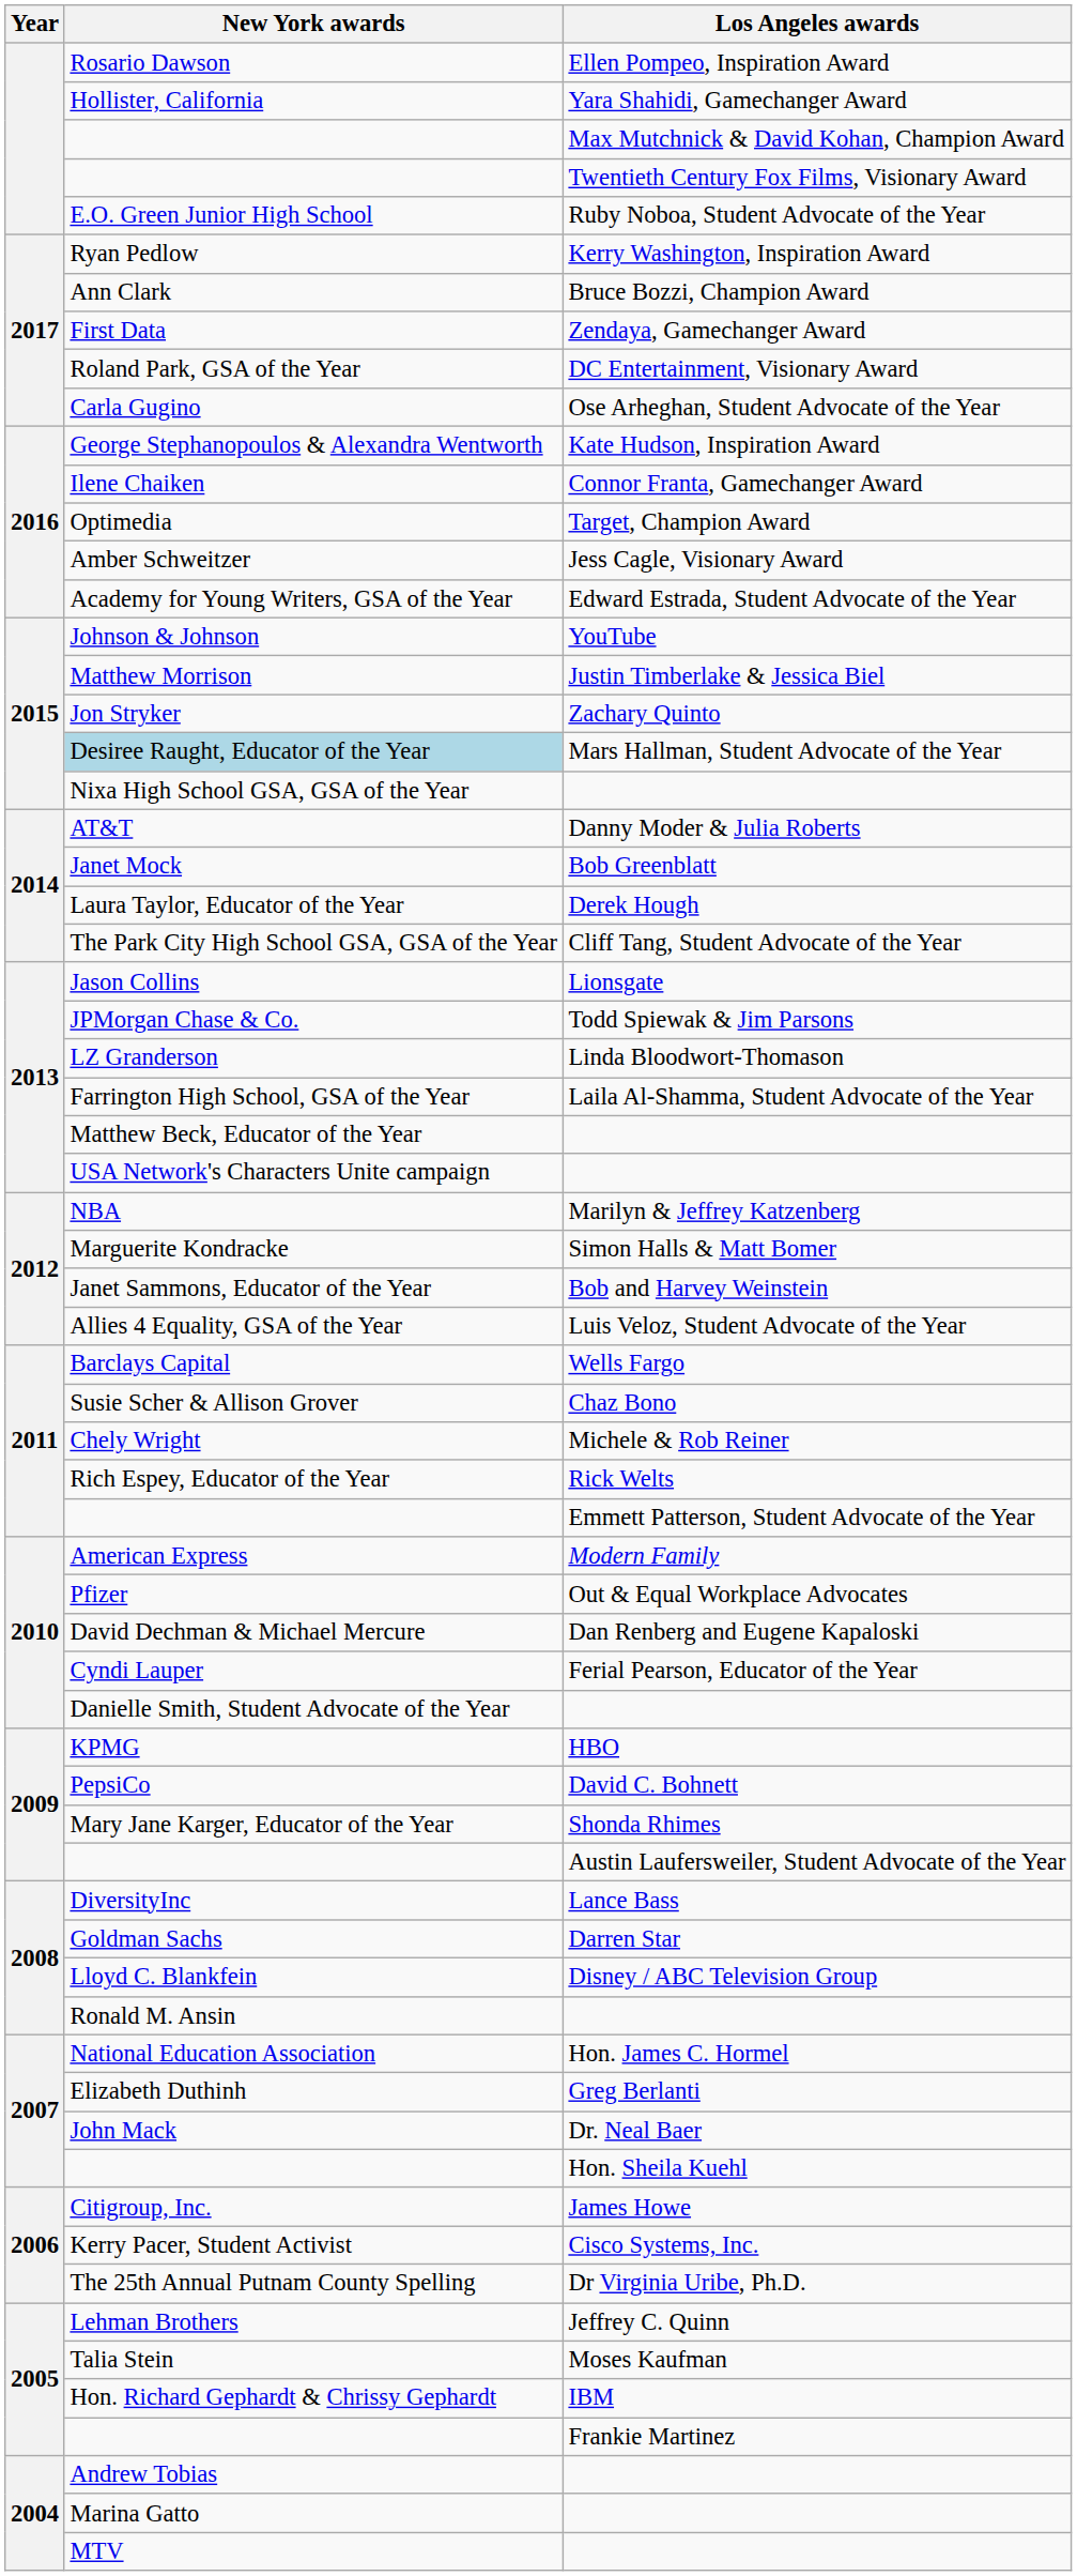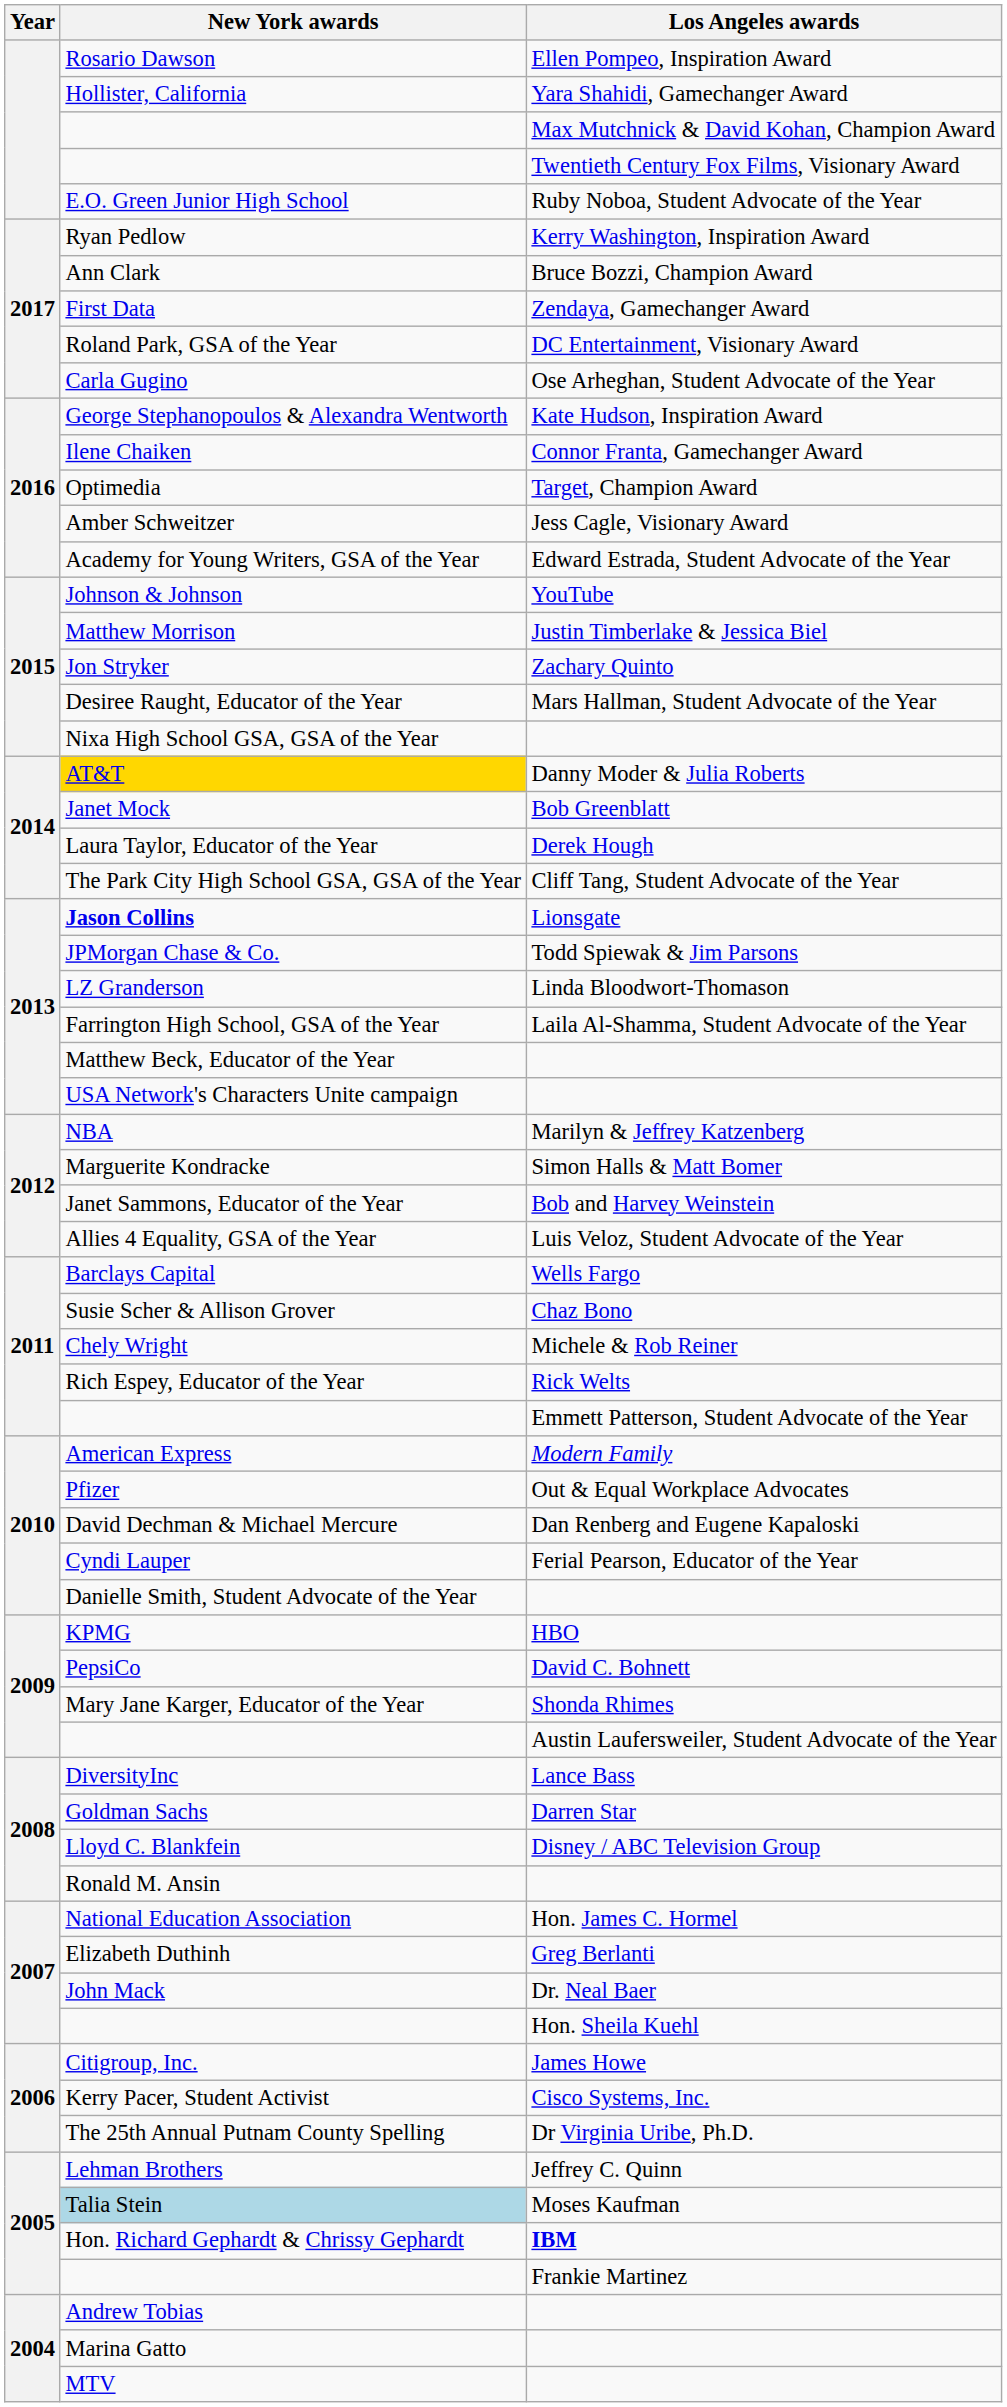 <table class="wikitable">
 <tr>
 <th scope="col">Year</th>
 <th scope="col">New York awards</th>
 <th scope="col">Los Angeles awards</th>
 </tr>
 <tr>
 <th rowspan="5" scope="row"></th>
 <td><a href='#'>Rosario Dawson</a></td>
 <td><a href='#'>Ellen Pompeo</a>, Inspiration Award</td>
 </tr>
 <tr>
 <td><a href='#'>Hollister, California</a></td>
 <td><a href='#'>Yara Shahidi</a>, Gamechanger Award</td>
 </tr>
 <tr>
 <td></td>
 <td><a href='#'>Max Mutchnick</a> & <a href='#'>David Kohan</a>, Champion Award</td>
 </tr>
 <tr>
 <td> </td>
 <td><a href='#'>Twentieth Century Fox Films</a>, Visionary Award</td>
 </tr>
 <tr>
 <td><a href='#'>E.O. Green Junior High School</a></td>
 <td>Ruby Noboa, Student Advocate of the Year</td>
 </tr>
 <tr>
 <th rowspan="5" scope="row">2017</th>
 <td>Ryan Pedlow</td>
 <td><a href='#'>Kerry Washington</a>, Inspiration Award</td>
 </tr>
 <tr>
 <td>Ann Clark</td>
 <td>Bruce Bozzi, Champion Award</td>
 </tr>
 <tr>
 <td><a href='#'>First Data</a></td>
 <td><a href='#'>Zendaya</a>, Gamechanger Award</td>
 </tr>
 <tr>
 <td>Roland Park, GSA of the Year</td>
 <td><a href='#'>DC Entertainment</a>, Visionary Award</td>
 </tr>
 <tr>
 <td><a href='#'>Carla Gugino</a></td>
 <td>Ose Arheghan, Student Advocate of the Year</td>
 </tr>
 <tr>
 <th rowspan="5" scope="row">2016</th>
 <td><a href='#'>George Stephanopoulos</a> & <a href='#'>Alexandra Wentworth</a></td>
 <td><a href='#'>Kate Hudson</a>, Inspiration Award</td>
 </tr>
 <tr>
 <td><a href='#'>Ilene Chaiken</a></td>
 <td><a href='#'>Connor Franta</a>, Gamechanger Award</td>
 </tr>
 <tr>
 <td>Optimedia</td>
 <td><a href='#'>Target</a>, Champion Award</td>
 </tr>
 <tr>
 <td>Amber Schweitzer</td>
 <td>Jess Cagle, Visionary Award</td>
 </tr>
 <tr>
 <td>Academy for Young Writers, GSA of the Year</td>
 <td>Edward Estrada, Student Advocate of the Year</td>
 </tr>
 <tr>
 <th rowspan="5" scope="row">2015</th>
 <td><a href='#'>Johnson & Johnson</a></td>
 <td><a href='#'>YouTube</a></td>
 </tr>
 <tr>
 <td><a href='#'>Matthew Morrison</a></td>
 <td><a href='#'>Justin Timberlake</a> & <a href='#'>Jessica Biel</a></td>
 </tr>
 <tr>
 <td><a href='#'>Jon Stryker</a></td>
 <td><a href='#'>Zachary Quinto</a></td>
 </tr>
 <tr>
-<td style="background: lightblue;">Desiree Raught, Educator of the Year</td>
+<td>Desiree Raught, Educator of the Year</td>
 <td>Mars Hallman, Student Advocate of the Year</td>
 </tr>
 <tr>
 <td>Nixa High School GSA, GSA of the Year</td>
 <td></td>
 </tr>
 <tr>
 <th rowspan="4" scope="row">2014</th>
-<td><a href='#'>AT&T</a></td>
+<td style="background: gold;"><a href='#'>AT&T</a></td>
 <td>Danny Moder & <a href='#'>Julia Roberts</a></td>
 </tr>
 <tr>
 <td><a href='#'>Janet Mock</a></td>
 <td><a href='#'>Bob Greenblatt</a></td>
 </tr>
 <tr>
 <td>Laura Taylor, Educator of the Year</td>
 <td><a href='#'>Derek Hough</a></td>
 </tr>
 <tr>
 <td>The Park City High School GSA, GSA of the Year</td>
 <td>Cliff Tang, Student Advocate of the Year</td>
 </tr>
 <tr>
 <th rowspan="6" scope="row">2013</th>
-<td><a href='#'>Jason Collins</a></td>
+<td><strong><a href='#'>Jason Collins</a></strong></td>
 <td><a href='#'>Lionsgate</a></td>
 </tr>
 <tr>
 <td><a href='#'>JPMorgan Chase & Co.</a></td>
 <td>Todd Spiewak & <a href='#'>Jim Parsons</a></td>
 </tr>
 <tr>
 <td><a href='#'>LZ Granderson</a></td>
 <td>Linda Bloodwort-Thomason</td>
 </tr>
 <tr>
 <td>Farrington High School, GSA of the Year</td>
 <td>Laila Al-Shamma, Student Advocate of the Year</td>
 </tr>
 <tr>
 <td>Matthew Beck, Educator of the Year</td>
 <td></td>
 </tr>
 <tr>
 <td><a href='#'>USA Network</a>'s Characters Unite campaign</td>
 <td></td>
 </tr>
 <tr>
 <th rowspan="4" scope="row">2012</th>
 <td><a href='#'>NBA</a></td>
 <td>Marilyn & <a href='#'>Jeffrey Katzenberg</a></td>
 </tr>
 <tr>
 <td>Marguerite Kondracke</td>
 <td>Simon Halls & <a href='#'>Matt Bomer</a></td>
 </tr>
 <tr>
 <td>Janet Sammons, Educator of the Year</td>
 <td><a href='#'>Bob</a> and <a href='#'>Harvey Weinstein</a></td>
 </tr>
 <tr>
 <td>Allies 4 Equality, GSA of the Year</td>
 <td>Luis Veloz, Student Advocate of the Year</td>
 </tr>
 <tr>
 <th rowspan="5" scope="row">2011</th>
 <td><a href='#'>Barclays Capital</a></td>
 <td><a href='#'>Wells Fargo</a></td>
 </tr>
 <tr>
 <td>Susie Scher & Allison Grover</td>
 <td><a href='#'>Chaz Bono</a></td>
 </tr>
 <tr>
 <td><a href='#'>Chely Wright</a></td>
 <td>Michele & <a href='#'>Rob Reiner</a></td>
 </tr>
 <tr>
 <td>Rich Espey, Educator of the Year</td>
 <td><a href='#'>Rick Welts</a></td>
 </tr>
 <tr>
 <td></td>
 <td>Emmett Patterson, Student Advocate of the Year</td>
 </tr>
 <tr>
 <th rowspan="5" scope="row">2010</th>
 <td><a href='#'>American Express</a></td>
 <td><em><a href='#'>Modern Family</a></em></td>
 </tr>
 <tr>
 <td><a href='#'>Pfizer</a></td>
 <td>Out & Equal Workplace Advocates</td>
 </tr>
 <tr>
 <td>David Dechman & Michael Mercure</td>
 <td>Dan Renberg and Eugene Kapaloski</td>
 </tr>
 <tr>
 <td><a href='#'>Cyndi Lauper</a></td>
 <td>Ferial Pearson, Educator of the Year</td>
 </tr>
 <tr>
 <td>Danielle Smith, Student Advocate of the Year</td>
 <td></td>
 </tr>
 <tr>
 <th rowspan="4" scope="row">2009</th>
 <td><a href='#'>KPMG</a></td>
 <td><a href='#'>HBO</a></td>
 </tr>
 <tr>
 <td><a href='#'>PepsiCo</a></td>
 <td><a href='#'>David C. Bohnett</a></td>
 </tr>
 <tr>
 <td>Mary Jane Karger, Educator of the Year</td>
 <td><a href='#'>Shonda Rhimes</a></td>
 </tr>
 <tr>
 <td></td>
 <td>Austin Laufersweiler, Student Advocate of the Year</td>
 </tr>
 <tr>
 <th rowspan="4" scope="row">2008</th>
 <td><a href='#'>DiversityInc</a></td>
 <td><a href='#'>Lance Bass</a></td>
 </tr>
 <tr>
 <td><a href='#'>Goldman Sachs</a></td>
 <td><a href='#'>Darren Star</a></td>
 </tr>
 <tr>
 <td><a href='#'>Lloyd C. Blankfein</a></td>
 <td><a href='#'>Disney / ABC Television Group</a></td>
 </tr>
 <tr>
 <td>Ronald M. Ansin</td>
 <td></td>
 </tr>
 <tr>
 <th rowspan="4" scope="row">2007</th>
 <td><a href='#'>National Education Association</a></td>
 <td>Hon. <a href='#'>James C. Hormel</a></td>
 </tr>
 <tr>
 <td>Elizabeth Duthinh</td>
 <td><a href='#'>Greg Berlanti</a></td>
 </tr>
 <tr>
 <td><a href='#'>John Mack</a></td>
 <td>Dr. <a href='#'>Neal Baer</a></td>
 </tr>
 <tr>
 <td></td>
 <td>Hon. <a href='#'>Sheila Kuehl</a></td>
 </tr>
 <tr>
 <th rowspan="3" scope="row">2006</th>
 <td><a href='#'>Citigroup, Inc.</a></td>
 <td><a href='#'>James Howe</a></td>
 </tr>
 <tr>
 <td>Kerry Pacer, Student Activist</td>
 <td><a href='#'>Cisco Systems, Inc.</a></td>
 </tr>
 <tr>
 <td>The 25th Annual Putnam County Spelling</td>
 <td>Dr <a href='#'>Virginia Uribe</a>, Ph.D.</td>
 </tr>
 <tr>
 <th rowspan="4" scope="row">2005</th>
 <td><a href='#'>Lehman Brothers</a></td>
 <td>Jeffrey C. Quinn</td>
 </tr>
 <tr>
-<td>Talia Stein</td>
+<td style="background: lightblue;">Talia Stein</td>
 <td>Moses Kaufman</td>
 </tr>
 <tr>
 <td>Hon. <a href='#'>Richard Gephardt</a> & <a href='#'>Chrissy Gephardt</a></td>
-<td><a href='#'>IBM</a></td>
+<td><strong><a href='#'>IBM</a></strong></td>
 </tr>
 <tr>
 <td></td>
 <td>Frankie Martinez</td>
 </tr>
 <tr>
 <th rowspan="3" scope="row">2004</th>
 <td><a href='#'>Andrew Tobias</a></td>
 <td></td>
 </tr>
 <tr>
 <td>Marina Gatto</td>
 <td></td>
 </tr>
 <tr>
 <td><a href='#'>MTV</a></td>
 <td></td>
 </tr>
 </table>
